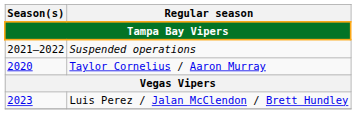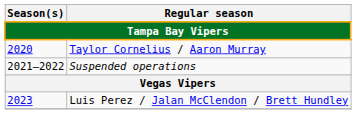 <table class="wikitable">
 <tr>
 <th>Season(s)</th>
 <th>Regular season</th>
 </tr>
 <tr>
 <th colspan="2" style="background-color:#037426;color:#FFFFFF;border:2.5px solid #FBA818;text-align:center">Tampa Bay Vipers</th>
 </tr>
 <tr>
+<td><a href='#'>2020</a></td>
+<td><a href='#'>Taylor Cornelius</a>  / <a href='#'>Aaron Murray</a> </td>
+</tr>
+<tr>
 <td>2021–2022</td>
 <td><em>Suspended operations</em></td>
-</tr>
-<tr>
-<td><a href='#'>2020</a></td>
-<td><a href='#'>Taylor Cornelius</a>  / <a href='#'>Aaron Murray</a> </td>
 </tr>
 <tr>
 <th colspan="2">Vegas Vipers</th>
 </tr>
 <tr>
 <td><a href='#'>2023</a></td>
 <td>Luis Perez  / <a href='#'>Jalan McClendon</a>  / <a href='#'>Brett Hundley</a> </td>
 </tr>
 <tr>
 </tr>
 </table>
